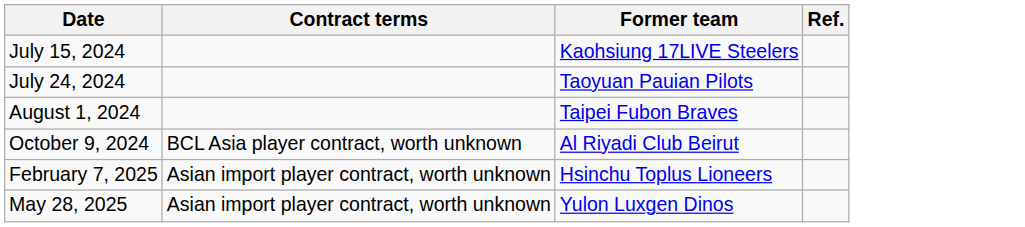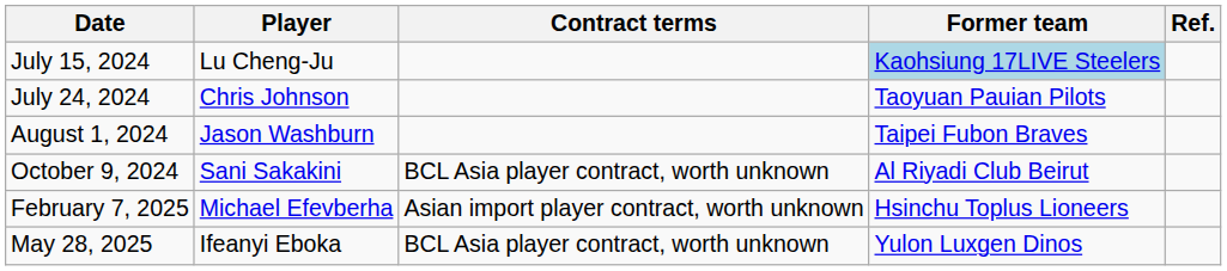 <table class="wikitable">
 <tr>
 <th>Date</th>
+<th>Player</th>
 <th>Contract terms</th>
 <th>Former team</th>
 <th>Ref.</th>
 </tr>
 <tr>
 <td>July 15, 2024</td>
+<td>Lu Cheng-Ju</td>
 <td></td>
-<td> <a href='#'>Kaohsiung 17LIVE Steelers</a></td>
+<td style="background: lightblue;"> <a href='#'>Kaohsiung 17LIVE Steelers</a></td>
 <td></td>
 </tr>
 <tr>
 <td>July 24, 2024</td>
+<td><a href='#'>Chris Johnson</a></td>
 <td></td>
 <td> <a href='#'>Taoyuan Pauian Pilots</a></td>
 <td></td>
 </tr>
 <tr>
 <td>August 1, 2024</td>
+<td><a href='#'>Jason Washburn</a></td>
 <td></td>
 <td> <a href='#'>Taipei Fubon Braves</a></td>
 <td></td>
 </tr>
 <tr>
 <td>October 9, 2024</td>
+<td><a href='#'>Sani Sakakini</a></td>
 <td>BCL Asia player contract, worth unknown</td>
 <td> <a href='#'>Al Riyadi Club Beirut</a></td>
 <td></td>
 </tr>
 <tr>
 <td>February 7, 2025</td>
+<td><a href='#'>Michael Efevberha</a></td>
 <td>Asian import player contract, worth unknown</td>
 <td> <a href='#'>Hsinchu Toplus Lioneers</a></td>
 <td></td>
 </tr>
 <tr>
 <td>May 28, 2025</td>
-<td>Asian import player contract, worth unknown</td>
+<td>Ifeanyi Eboka</td>
+<td>BCL Asia player contract, worth unknown</td>
 <td> <a href='#'>Yulon Luxgen Dinos</a></td>
 <td></td>
 </tr>
 </table>
